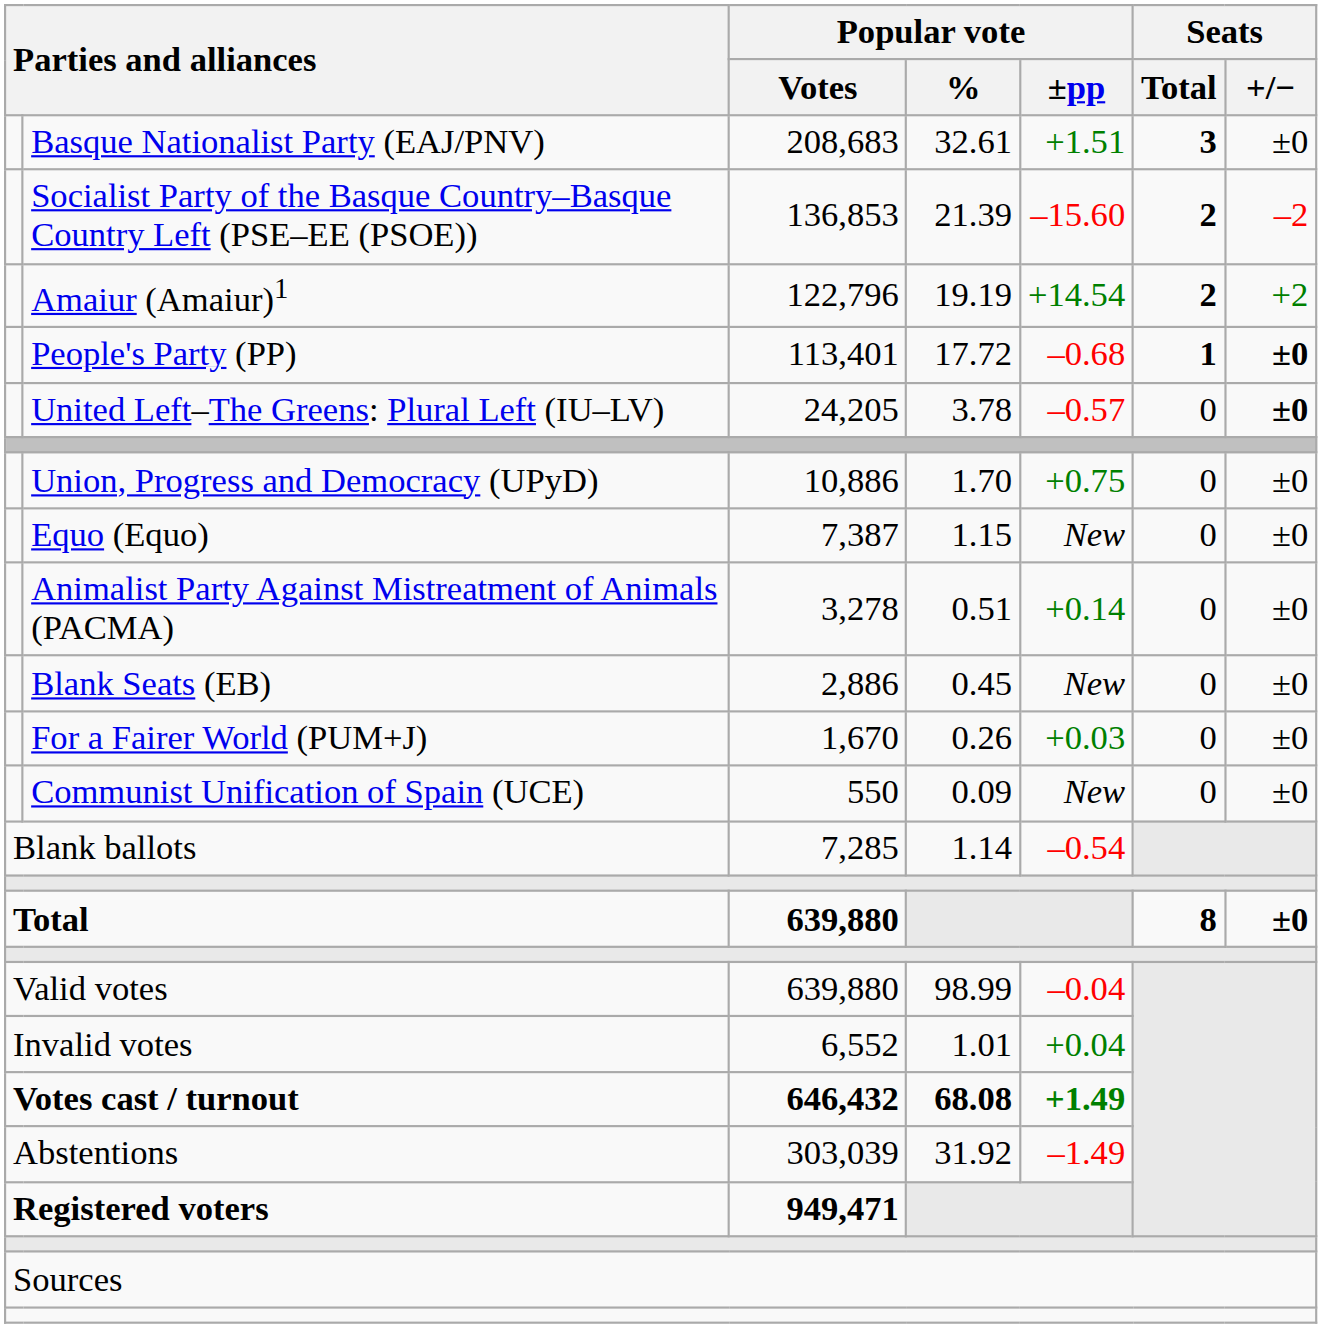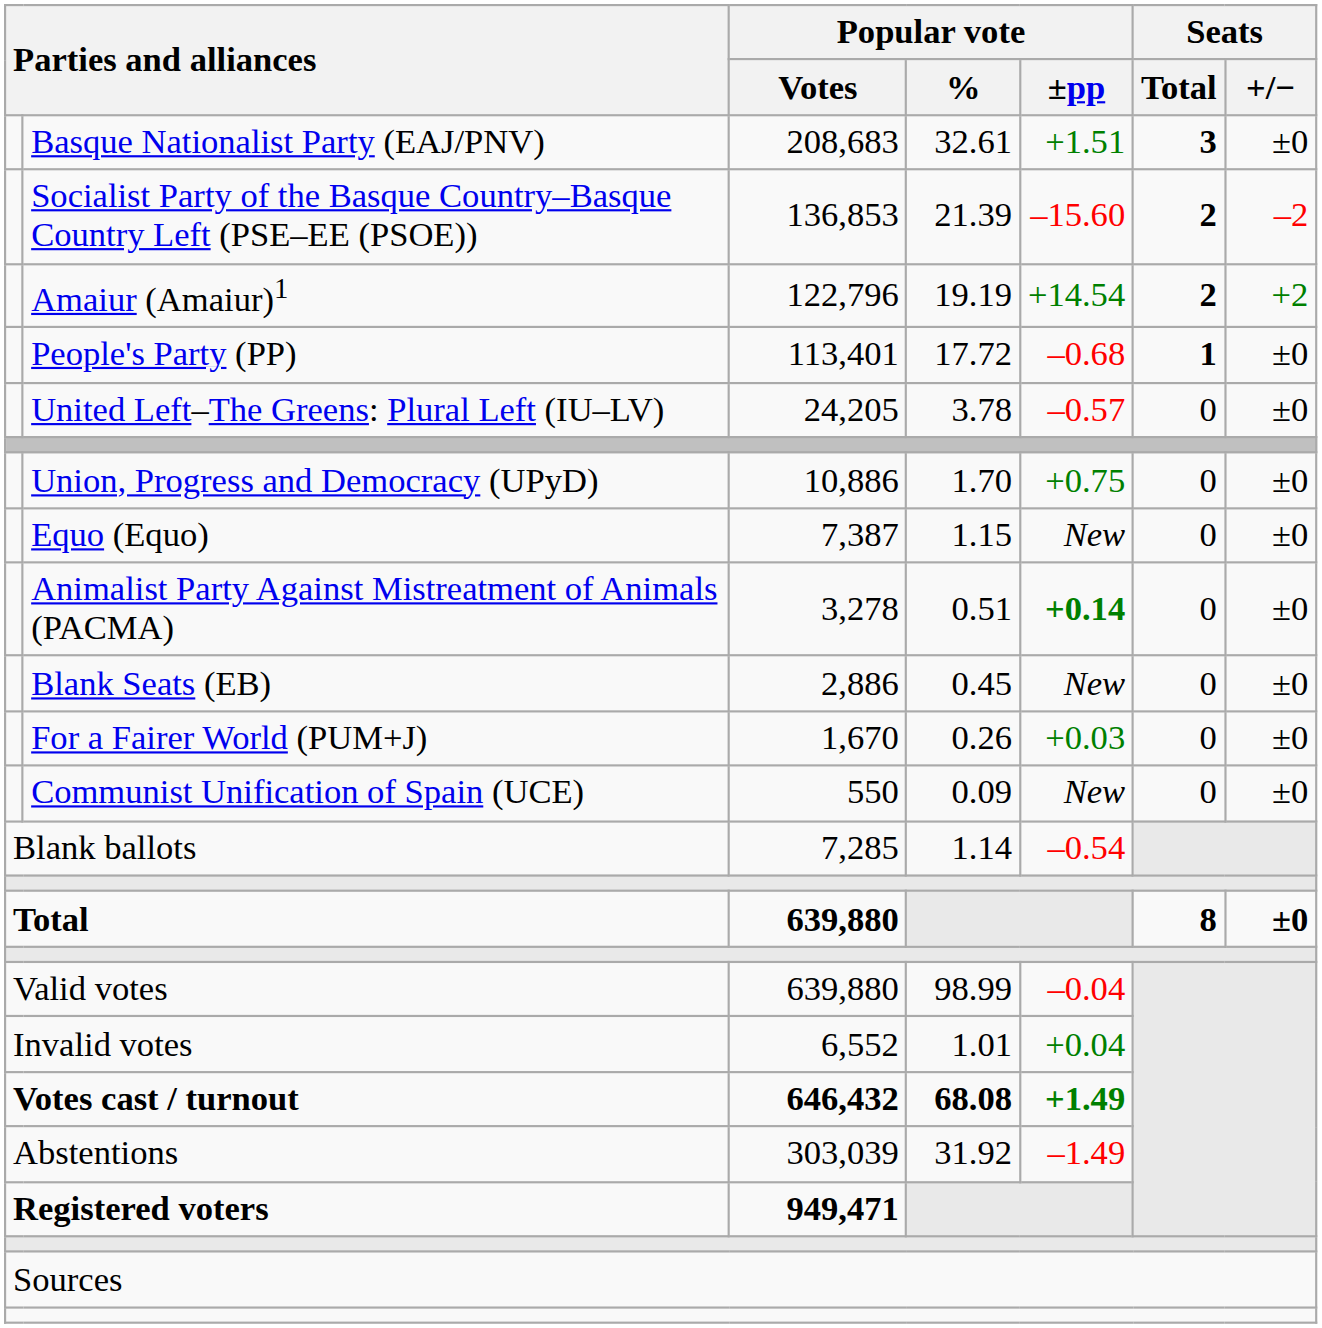 <table class="wikitable" style="text-align:right;">
 <tr>
 <th style="text-align:left;" rowspan="2" colspan="2" width="525">Parties and alliances</th>
 <th colspan="3">Popular vote</th>
 <th colspan="2">Seats</th>
 </tr>
 <tr>
 <th width="75">Votes</th>
 <th width="45">%</th>
 <th width="45">±<a href='#'>pp</a></th>
 <th width="35">Total</th>
 <th width="35">+/−</th>
 </tr>
 <tr>
 <td width="1" style="color:inherit;background:"></td>
 <td align="left"><a href='#'>Basque Nationalist Party</a> (EAJ/PNV)</td>
 <td>208,683</td>
 <td>32.61</td>
 <td style="color:green;">+1.51</td>
 <td><strong>3</strong></td>
 <td>±0</td>
 </tr>
 <tr>
 <td style="color:inherit;background:"></td>
 <td align="left"><a href='#'>Socialist Party of the Basque Country–Basque Country Left</a> (PSE–EE (PSOE))</td>
 <td>136,853</td>
 <td>21.39</td>
 <td style="color:red;">–15.60</td>
 <td><strong>2</strong></td>
 <td style="color:red;">–2</td>
 </tr>
 <tr>
 <td style="color:inherit;background:"></td>
 <td align="left"><a href='#'>Amaiur</a> (Amaiur)<sup>1</sup></td>
 <td>122,796</td>
 <td>19.19</td>
 <td style="color:green;">+14.54</td>
 <td><strong>2</strong></td>
 <td style="color:green;">+2</td>
 </tr>
 <tr>
 <td style="color:inherit;background:"></td>
 <td align="left"><a href='#'>People's Party</a> (PP)</td>
 <td>113,401</td>
 <td>17.72</td>
 <td style="color:red;">–0.68</td>
 <td><strong>1</strong></td>
-<td><strong>±0</strong></td>
+<td>±0</td>
 </tr>
 <tr>
 <td style="color:inherit;background:"></td>
 <td align="left"><a href='#'>United Left</a>–<a href='#'>The Greens</a>: <a href='#'>Plural Left</a> (IU–LV)</td>
 <td>24,205</td>
 <td>3.78</td>
 <td style="color:red;">–0.57</td>
 <td>0</td>
-<td><strong>±0</strong></td>
+<td>±0</td>
 </tr>
 <tr>
 <td colspan="7" bgcolor="#C0C0C0"></td>
 </tr>
 <tr>
 <td style="color:inherit;background:"></td>
 <td align="left"><a href='#'>Union, Progress and Democracy</a> (UPyD)</td>
 <td>10,886</td>
 <td>1.70</td>
 <td style="color:green;">+0.75</td>
 <td>0</td>
 <td>±0</td>
 </tr>
 <tr>
 <td style="color:inherit;background:"></td>
 <td align="left"><a href='#'>Equo</a> (Equo)</td>
 <td>7,387</td>
 <td>1.15</td>
 <td><em>New</em></td>
 <td>0</td>
 <td>±0</td>
 </tr>
 <tr>
 <td style="color:inherit;background:"></td>
 <td align="left"><a href='#'>Animalist Party Against Mistreatment of Animals</a> (PACMA)</td>
 <td>3,278</td>
 <td>0.51</td>
-<td style="color:green;">+0.14</td>
+<td style="color:green;"><strong>+0.14</strong></td>
 <td>0</td>
 <td>±0</td>
 </tr>
 <tr>
 <td style="color:inherit;background:"></td>
 <td align="left"><a href='#'>Blank Seats</a> (EB)</td>
 <td>2,886</td>
 <td>0.45</td>
 <td><em>New</em></td>
 <td>0</td>
 <td>±0</td>
 </tr>
 <tr>
 <td style="color:inherit;background:"></td>
 <td align="left"><a href='#'>For a Fairer World</a> (PUM+J)</td>
 <td>1,670</td>
 <td>0.26</td>
 <td style="color:green;">+0.03</td>
 <td>0</td>
 <td>±0</td>
 </tr>
 <tr>
 <td style="color:inherit;background:"></td>
 <td align="left"><a href='#'>Communist Unification of Spain</a> (UCE)</td>
 <td>550</td>
 <td>0.09</td>
 <td><em>New</em></td>
 <td>0</td>
 <td>±0</td>
 </tr>
 <tr>
 <td align="left" colspan="2">Blank ballots</td>
 <td>7,285</td>
 <td>1.14</td>
 <td style="color:red;">–0.54</td>
 <td bgcolor="#E9E9E9" colspan="2"></td>
 </tr>
 <tr>
 <td colspan="7" bgcolor="#E9E9E9"></td>
 </tr>
 <tr style="font-weight:bold;">
 <td align="left" colspan="2">Total</td>
 <td>639,880</td>
 <td bgcolor="#E9E9E9" colspan="2"></td>
 <td>8</td>
 <td>±0</td>
 </tr>
 <tr>
 <td colspan="7" bgcolor="#E9E9E9"></td>
 </tr>
 <tr>
 <td align="left" colspan="2">Valid votes</td>
 <td>639,880</td>
 <td>98.99</td>
 <td style="color:red;">–0.04</td>
 <td bgcolor="#E9E9E9" colspan="2" rowspan="5"></td>
 </tr>
 <tr>
 <td align="left" colspan="2">Invalid votes</td>
 <td>6,552</td>
 <td>1.01</td>
 <td style="color:green;">+0.04</td>
 </tr>
 <tr style="font-weight:bold;">
 <td align="left" colspan="2">Votes cast / turnout</td>
 <td>646,432</td>
 <td>68.08</td>
 <td style="color:green;">+1.49</td>
 </tr>
 <tr>
 <td align="left" colspan="2">Abstentions</td>
 <td>303,039</td>
 <td>31.92</td>
 <td style="color:red;">–1.49</td>
 </tr>
 <tr style="font-weight:bold;">
 <td align="left" colspan="2">Registered voters</td>
 <td>949,471</td>
 <td bgcolor="#E9E9E9" colspan="2"></td>
 </tr>
 <tr>
 <td colspan="7" bgcolor="#E9E9E9"></td>
 </tr>
 <tr>
 <td align="left" colspan="7">Sources</td>
 </tr>
 <tr>
 <td colspan="7" style="text-align:left; max-width:790px;"></td>
 </tr>
 </table>
